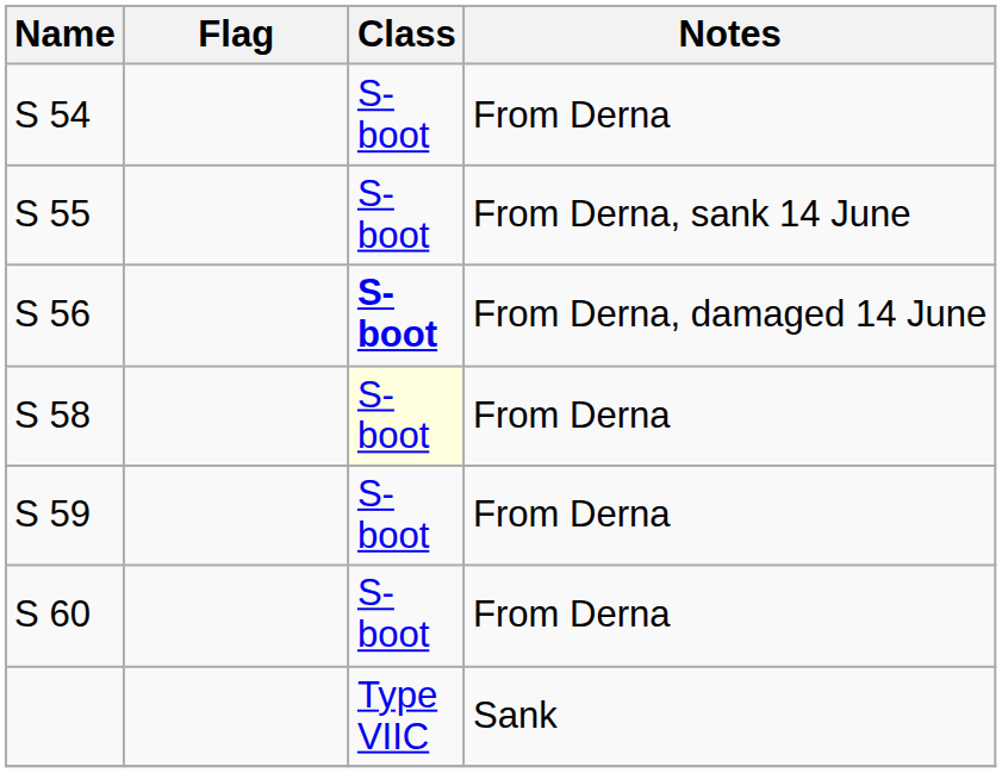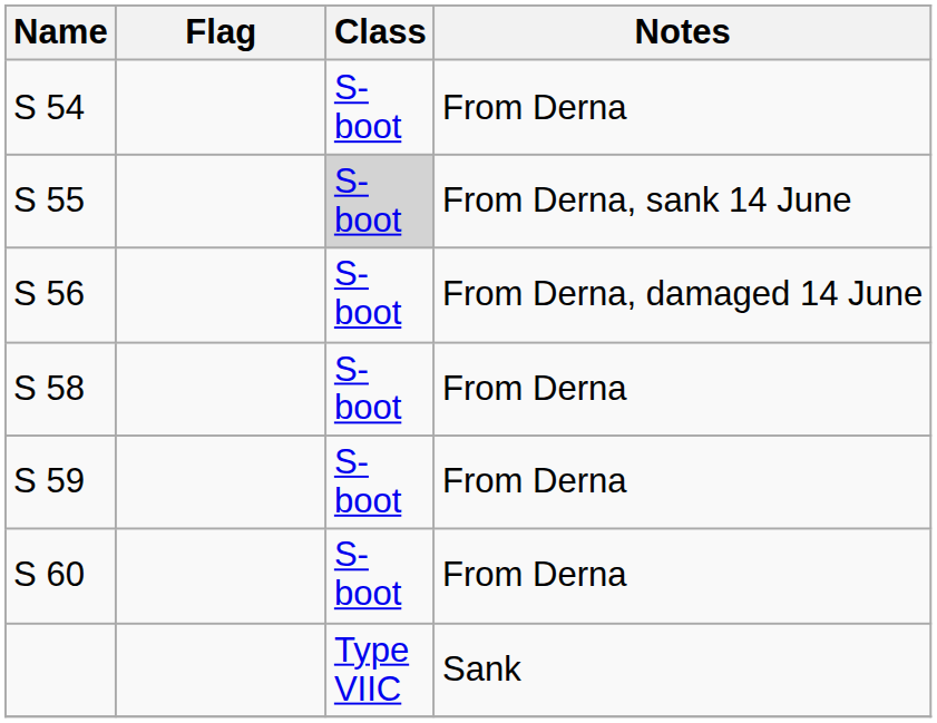 <table class="wikitable sortable">
 <tr>
 <th scope="col" width="30px">Name</th>
 <th scope="col" width="90px">Flag</th>
 <th scope="col" width="40px">Class</th>
 <th>Notes</th>
 </tr>
 <tr>
 <td align="left">S 54</td>
 <td align="left"></td>
 <td align="left"><a href='#'>S-boot</a></td>
 <td align="left">From Derna</td>
 </tr>
 <tr>
 <td align="left">S 55</td>
 <td align="left"></td>
-<td align="left"><a href='#'>S-boot</a></td>
+<td align="left" style="background: lightgrey;"><a href='#'>S-boot</a></td>
 <td align="left">From Derna, sank  14 June</td>
 </tr>
 <tr>
 <td align="left">S 56</td>
 <td align="left"></td>
-<td align="left"><strong><a href='#'>S-boot</a></strong></td>
+<td align="left"><a href='#'>S-boot</a></td>
 <td align="left">From Derna, damaged  14 June</td>
 </tr>
 <tr>
 <td align="left">S 58</td>
 <td align="left"></td>
-<td align="left" style="background: lightyellow;"><a href='#'>S-boot</a></td>
+<td align="left"><a href='#'>S-boot</a></td>
 <td align="left">From Derna</td>
 </tr>
 <tr>
 <td align="left">S 59</td>
 <td align="left"></td>
 <td align="left"><a href='#'>S-boot</a></td>
 <td align="left">From Derna</td>
 </tr>
 <tr>
 <td align="left">S 60</td>
 <td align="left"></td>
 <td align="left"><a href='#'>S-boot</a></td>
 <td align="left">From Derna</td>
 </tr>
 <tr>
 <td align="left"></td>
 <td align="left"></td>
 <td align="left"><a href='#'>Type VIIC</a></td>
 <td align="left">Sank </td>
 </tr>
 <tr>
 </tr>
 </table>
